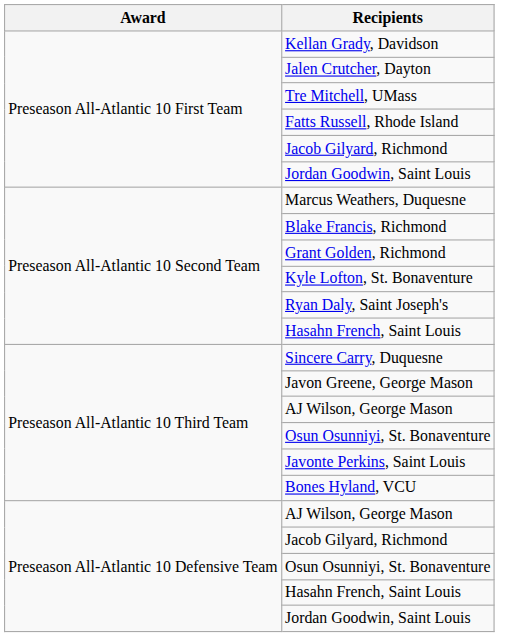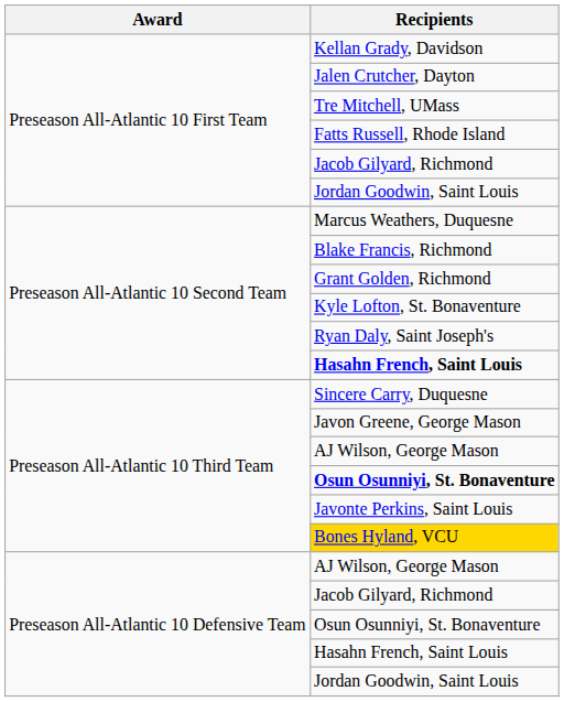 <table class="wikitable" style="white-space:nowrap; font-size:90%;">
 <tr>
 <th>Award</th>
 <th>Recipients</th>
 </tr>
 <tr>
 <td rowspan=6 valign=middle>Preseason All-Atlantic 10 First Team</td>
 <td><a href='#'>Kellan Grady</a>, Davidson</td>
 </tr>
 <tr>
 <td><a href='#'>Jalen Crutcher</a>, Dayton</td>
 </tr>
 <tr>
 <td><a href='#'>Tre Mitchell</a>, UMass</td>
 </tr>
 <tr>
 <td><a href='#'>Fatts Russell</a>, Rhode Island</td>
 </tr>
 <tr>
 <td><a href='#'>Jacob Gilyard</a>, Richmond</td>
 </tr>
 <tr>
 <td><a href='#'>Jordan Goodwin</a>, Saint Louis</td>
 </tr>
 <tr>
 <td rowspan=6 valign=middle>Preseason All-Atlantic 10 Second Team</td>
 <td>Marcus Weathers, Duquesne</td>
 </tr>
 <tr>
 <td><a href='#'>Blake Francis</a>, Richmond</td>
 </tr>
 <tr>
 <td><a href='#'>Grant Golden</a>, Richmond</td>
 </tr>
 <tr>
 <td><a href='#'>Kyle Lofton</a>, St. Bonaventure</td>
 </tr>
 <tr>
 <td><a href='#'>Ryan Daly</a>, Saint Joseph's</td>
 </tr>
 <tr>
-<td><a href='#'>Hasahn French</a>, Saint Louis</td>
+<td><strong><a href='#'>Hasahn French</a>, Saint Louis</strong></td>
 </tr>
 <tr>
 <td rowspan=6 valign=middle>Preseason All-Atlantic 10 Third Team</td>
 <td><a href='#'>Sincere Carry</a>, Duquesne</td>
 </tr>
 <tr>
 <td>Javon Greene, George Mason</td>
 </tr>
 <tr>
 <td>AJ Wilson, George Mason</td>
 </tr>
 <tr>
-<td><a href='#'>Osun Osunniyi</a>, St. Bonaventure</td>
+<td><strong><a href='#'>Osun Osunniyi</a>, St. Bonaventure</strong></td>
 </tr>
 <tr>
 <td><a href='#'>Javonte Perkins</a>, Saint Louis</td>
 </tr>
 <tr>
-<td><a href='#'>Bones Hyland</a>, VCU</td>
+<td style="background: gold;"><a href='#'>Bones Hyland</a>, VCU</td>
 </tr>
 <tr>
 <td rowspan=5 valign=middle>Preseason All-Atlantic 10 Defensive Team</td>
 <td>AJ Wilson, George Mason</td>
 </tr>
 <tr>
 <td>Jacob Gilyard, Richmond</td>
 </tr>
 <tr>
 <td>Osun Osunniyi, St. Bonaventure</td>
 </tr>
 <tr>
 <td>Hasahn French, Saint Louis</td>
 </tr>
 <tr>
 <td>Jordan Goodwin, Saint Louis</td>
 </tr>
 </table>
